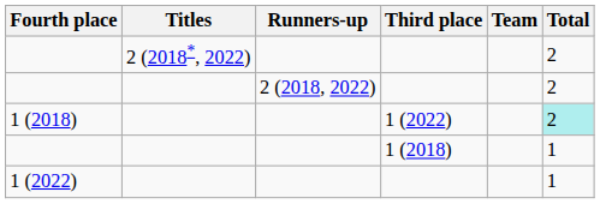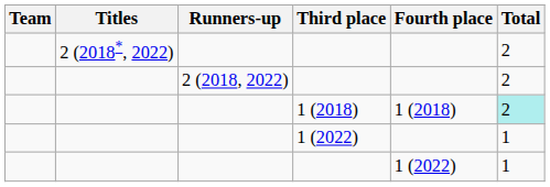 <table class="wikitable sortable">
 <tr>
-<th>Fourth place</th>
+<th>Team</th>
 <th>Titles</th>
 <th>Runners-up</th>
 <th>Third place</th>
-<th>Team</th>
+<th>Fourth place</th>
 <th>Total</th>
 </tr>
 <tr>
 <td></td>
 <td>2 (<a href='#'>2018</a><sup><a href='#'>*</a></sup>, <a href='#'>2022</a>)</td>
 <td></td>
 <td></td>
 <td></td>
 <td>2</td>
 </tr>
 <tr>
 <td></td>
 <td></td>
 <td>2 (<a href='#'>2018</a>, <a href='#'>2022</a>)</td>
 <td></td>
 <td></td>
 <td>2</td>
 </tr>
 <tr>
-<td>1 (<a href='#'>2018</a>)</td>
 <td></td>
 <td></td>
-<td>1 (<a href='#'>2022</a>)</td>
 <td></td>
+<td>1 (<a href='#'>2018</a>)</td>
+<td>1 (<a href='#'>2018</a>)</td>
 <td style="background: paleturquoise;">2</td>
 </tr>
 <tr>
 <td></td>
 <td></td>
 <td></td>
-<td>1 (<a href='#'>2018</a>)</td>
+<td>1 (<a href='#'>2022</a>)</td>
 <td></td>
 <td>1</td>
 </tr>
 <tr>
-<td>1 (<a href='#'>2022</a>)</td>
 <td></td>
 <td></td>
 <td></td>
 <td></td>
+<td>1 (<a href='#'>2022</a>)</td>
 <td>1</td>
 </tr>
 </table>
